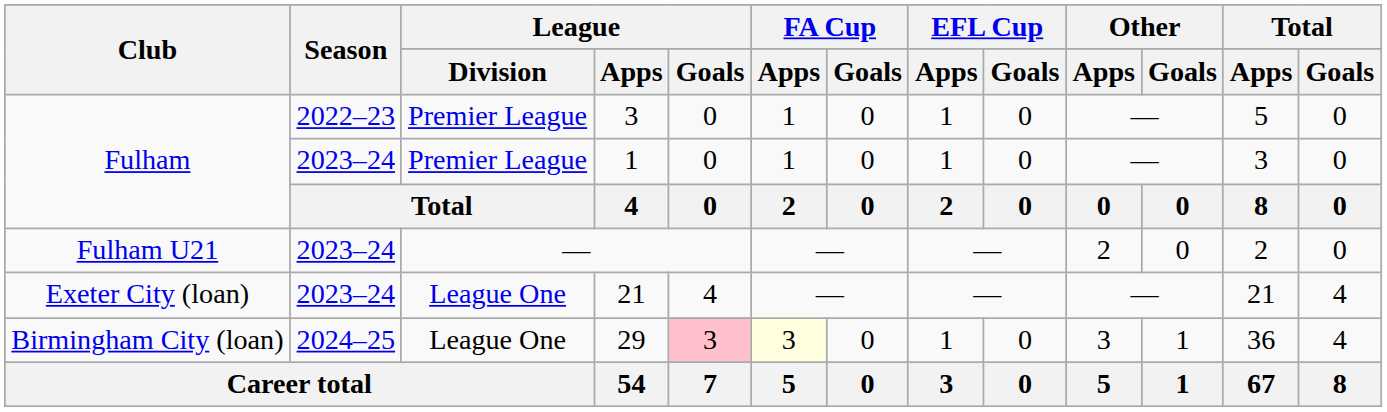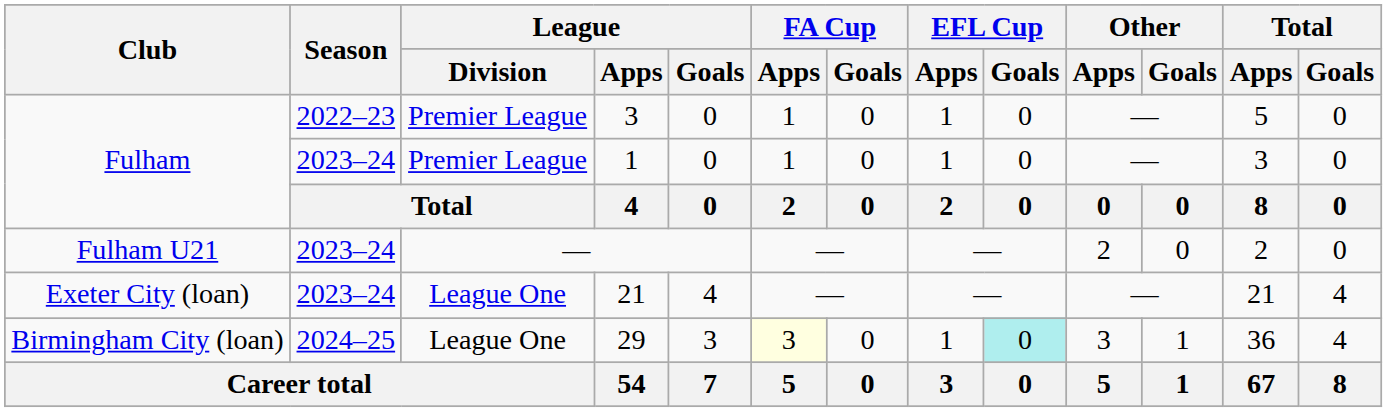 <table class="wikitable" style="text-align:center">
 <tr>
 <th rowspan="2">Club</th>
 <th rowspan="2">Season</th>
 <th colspan="3">League</th>
 <th colspan="2"><a href='#'>FA Cup</a></th>
 <th colspan="2"><a href='#'>EFL Cup</a></th>
 <th colspan="2">Other</th>
 <th colspan="2">Total</th>
 </tr>
 <tr>
 <th>Division</th>
 <th>Apps</th>
 <th>Goals</th>
 <th>Apps</th>
 <th>Goals</th>
 <th>Apps</th>
 <th>Goals</th>
 <th>Apps</th>
 <th>Goals</th>
 <th>Apps</th>
 <th>Goals</th>
 </tr>
 <tr>
 <td rowspan="3"><a href='#'>Fulham</a></td>
 <td><a href='#'>2022–23</a></td>
 <td><a href='#'>Premier League</a></td>
 <td>3</td>
 <td>0</td>
 <td>1</td>
 <td>0</td>
 <td>1</td>
 <td>0</td>
 <td colspan="2">—</td>
 <td>5</td>
 <td>0</td>
 </tr>
 <tr>
 <td><a href='#'>2023–24</a></td>
 <td><a href='#'>Premier League</a></td>
 <td>1</td>
 <td>0</td>
 <td>1</td>
 <td>0</td>
 <td>1</td>
 <td>0</td>
 <td colspan="2">—</td>
 <td>3</td>
 <td>0</td>
 </tr>
 <tr>
 <th colspan="2">Total</th>
 <th>4</th>
 <th>0</th>
 <th>2</th>
 <th>0</th>
 <th>2</th>
 <th>0</th>
 <th>0</th>
 <th>0</th>
 <th>8</th>
 <th>0</th>
 </tr>
 <tr>
 <td><a href='#'>Fulham U21</a></td>
 <td><a href='#'>2023–24</a></td>
 <td colspan="3">—</td>
 <td colspan="2">—</td>
 <td colspan="2">—</td>
 <td>2</td>
 <td>0</td>
 <td>2</td>
 <td>0</td>
 </tr>
 <tr>
 <td><a href='#'>Exeter City</a> (loan)</td>
 <td><a href='#'>2023–24</a></td>
 <td><a href='#'>League One</a></td>
 <td>21</td>
 <td>4</td>
 <td colspan="2">—</td>
 <td colspan="2">—</td>
 <td colspan="2">—</td>
 <td>21</td>
 <td>4</td>
 </tr>
 <tr>
 <td><a href='#'>Birmingham City</a> (loan)</td>
 <td><a href='#'>2024–25</a></td>
 <td>League One</td>
 <td>29</td>
-<td style="background: pink;">3</td>
+<td>3</td>
 <td style="background: lightyellow;">3</td>
 <td>0</td>
 <td>1</td>
-<td>0</td>
+<td style="background: paleturquoise;">0</td>
 <td>3</td>
 <td>1</td>
 <td>36</td>
 <td>4</td>
 </tr>
 <tr>
 <th colspan="3">Career total</th>
 <th>54</th>
 <th>7</th>
 <th>5</th>
 <th>0</th>
 <th>3</th>
 <th>0</th>
 <th>5</th>
 <th>1</th>
 <th>67</th>
 <th>8</th>
 </tr>
 </table>
